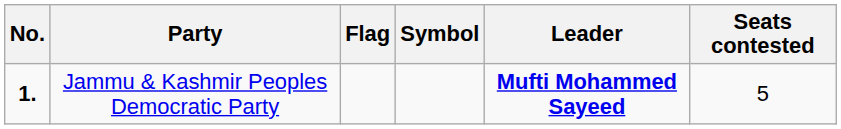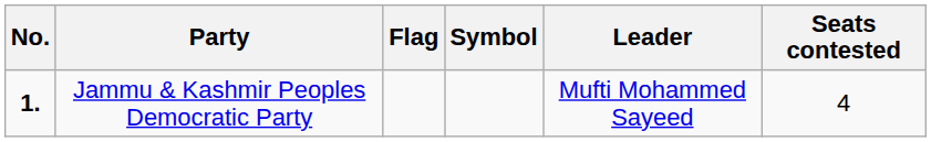 <table class="wikitable">
 <tr>
 <th>No.</th>
 <th>Party</th>
 <th>Flag</th>
 <th>Symbol</th>
 <th>Leader</th>
 <th>Seats contested</th>
 </tr>
 <tr>
 <td ! style="text-align:center; background:"><strong>1.</strong></td>
 <td style="text-align:center"><a href='#'>Jammu & Kashmir Peoples Democratic Party</a></td>
 <td></td>
 <td></td>
-<td style="text-align:center"><strong><a href='#'>Mufti Mohammed Sayeed</a></strong></td>
-<td style="text-align:center">5</td>
+<td style="text-align:center"><a href='#'>Mufti Mohammed Sayeed</a></td>
+<td style="text-align:center">4</td>
 </tr>
 </table>
